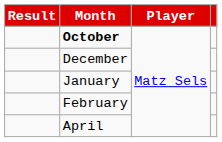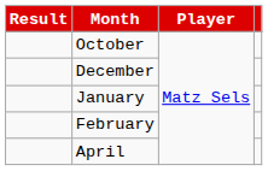 <table class="wikitable" style="text-align:left">
 <tr>
 <th style="background:#DD0000; color:#FFFFFF; ">Result</th>
 <th style="background:#DD0000; color:#FFFFFF; ">Month</th>
 <th style="background:#DD0000;color:#FFFFFF; ">Player</th>
 <th style="background:#DD0000; color:#FFFFFF; "></th>
 </tr>
 <tr>
 </tr>
 <tr>
 <td></td>
-<td><strong>October</strong></td>
+<td>October</td>
 <td rowspan="5"> <a href='#'>Matz Sels</a></td>
 <td></td>
 </tr>
 <tr>
 <td></td>
 <td>December</td>
 <td></td>
 </tr>
 <tr>
 <td></td>
 <td>January</td>
 <td></td>
 </tr>
 <tr>
 <td></td>
 <td>February</td>
 <td></td>
 </tr>
 <tr>
 <td></td>
 <td>April</td>
 <td></td>
 </tr>
 </table>
